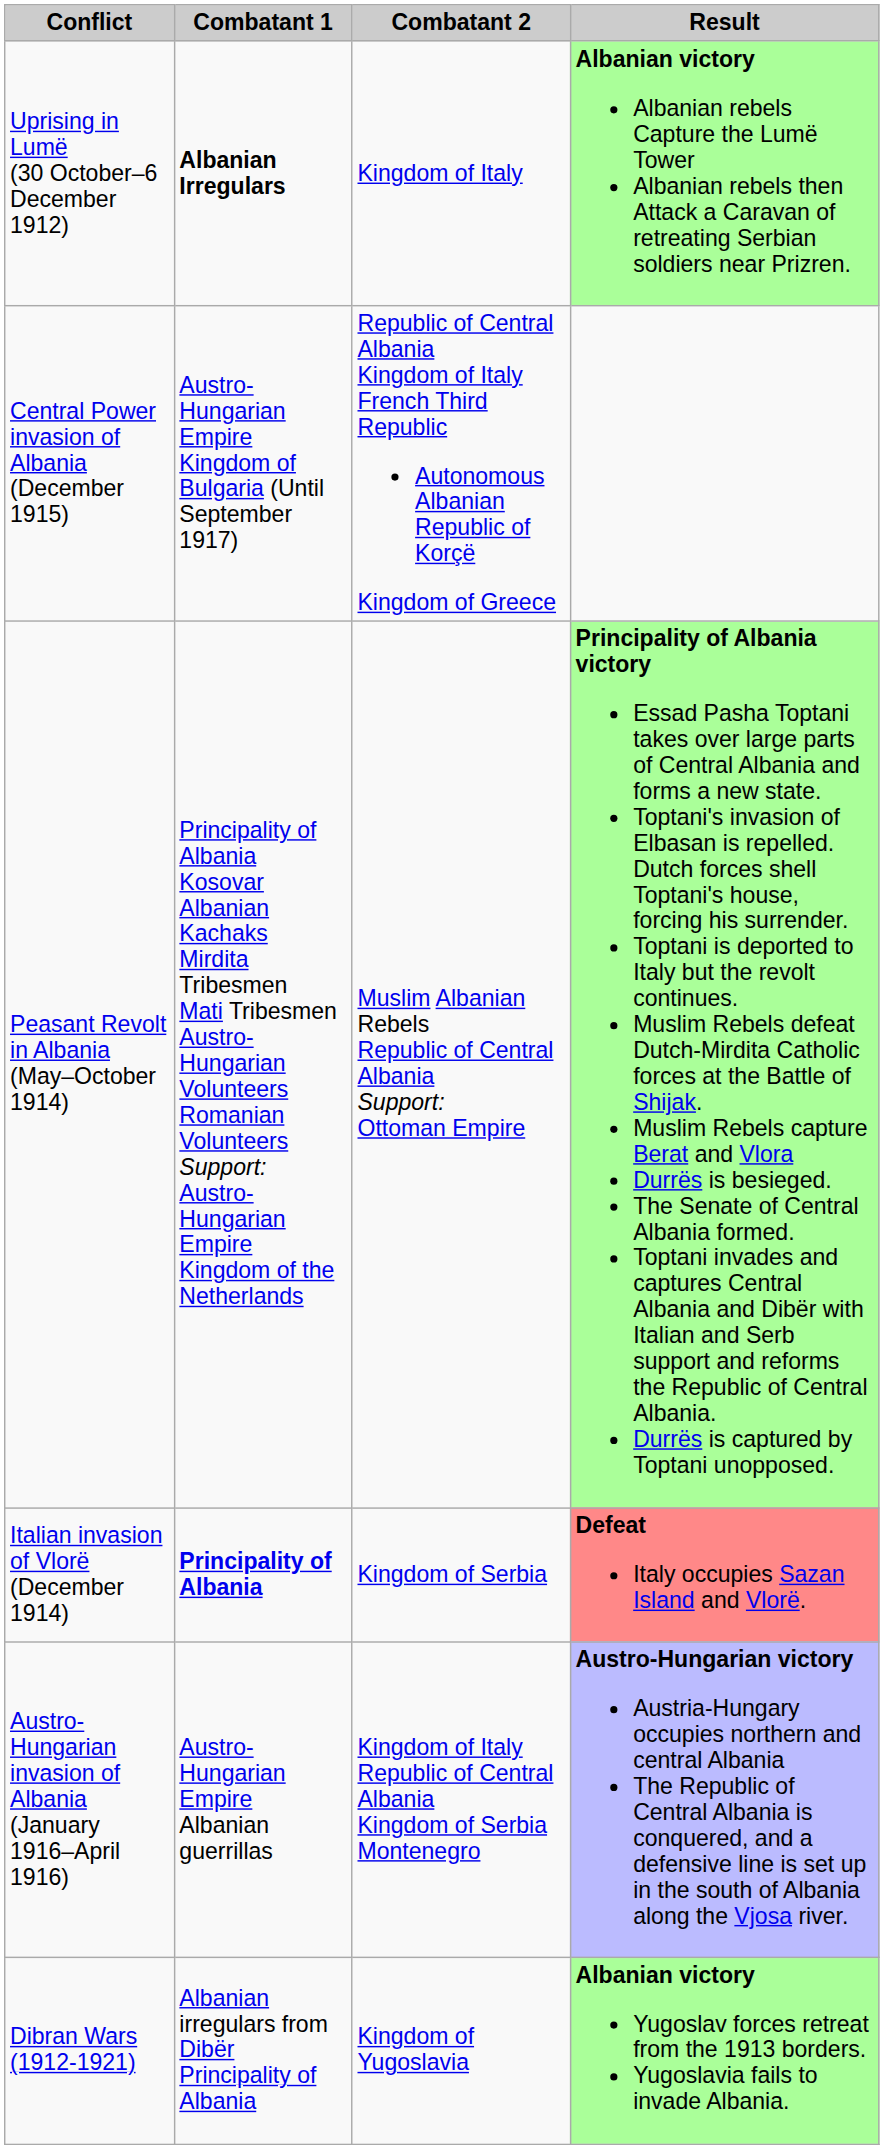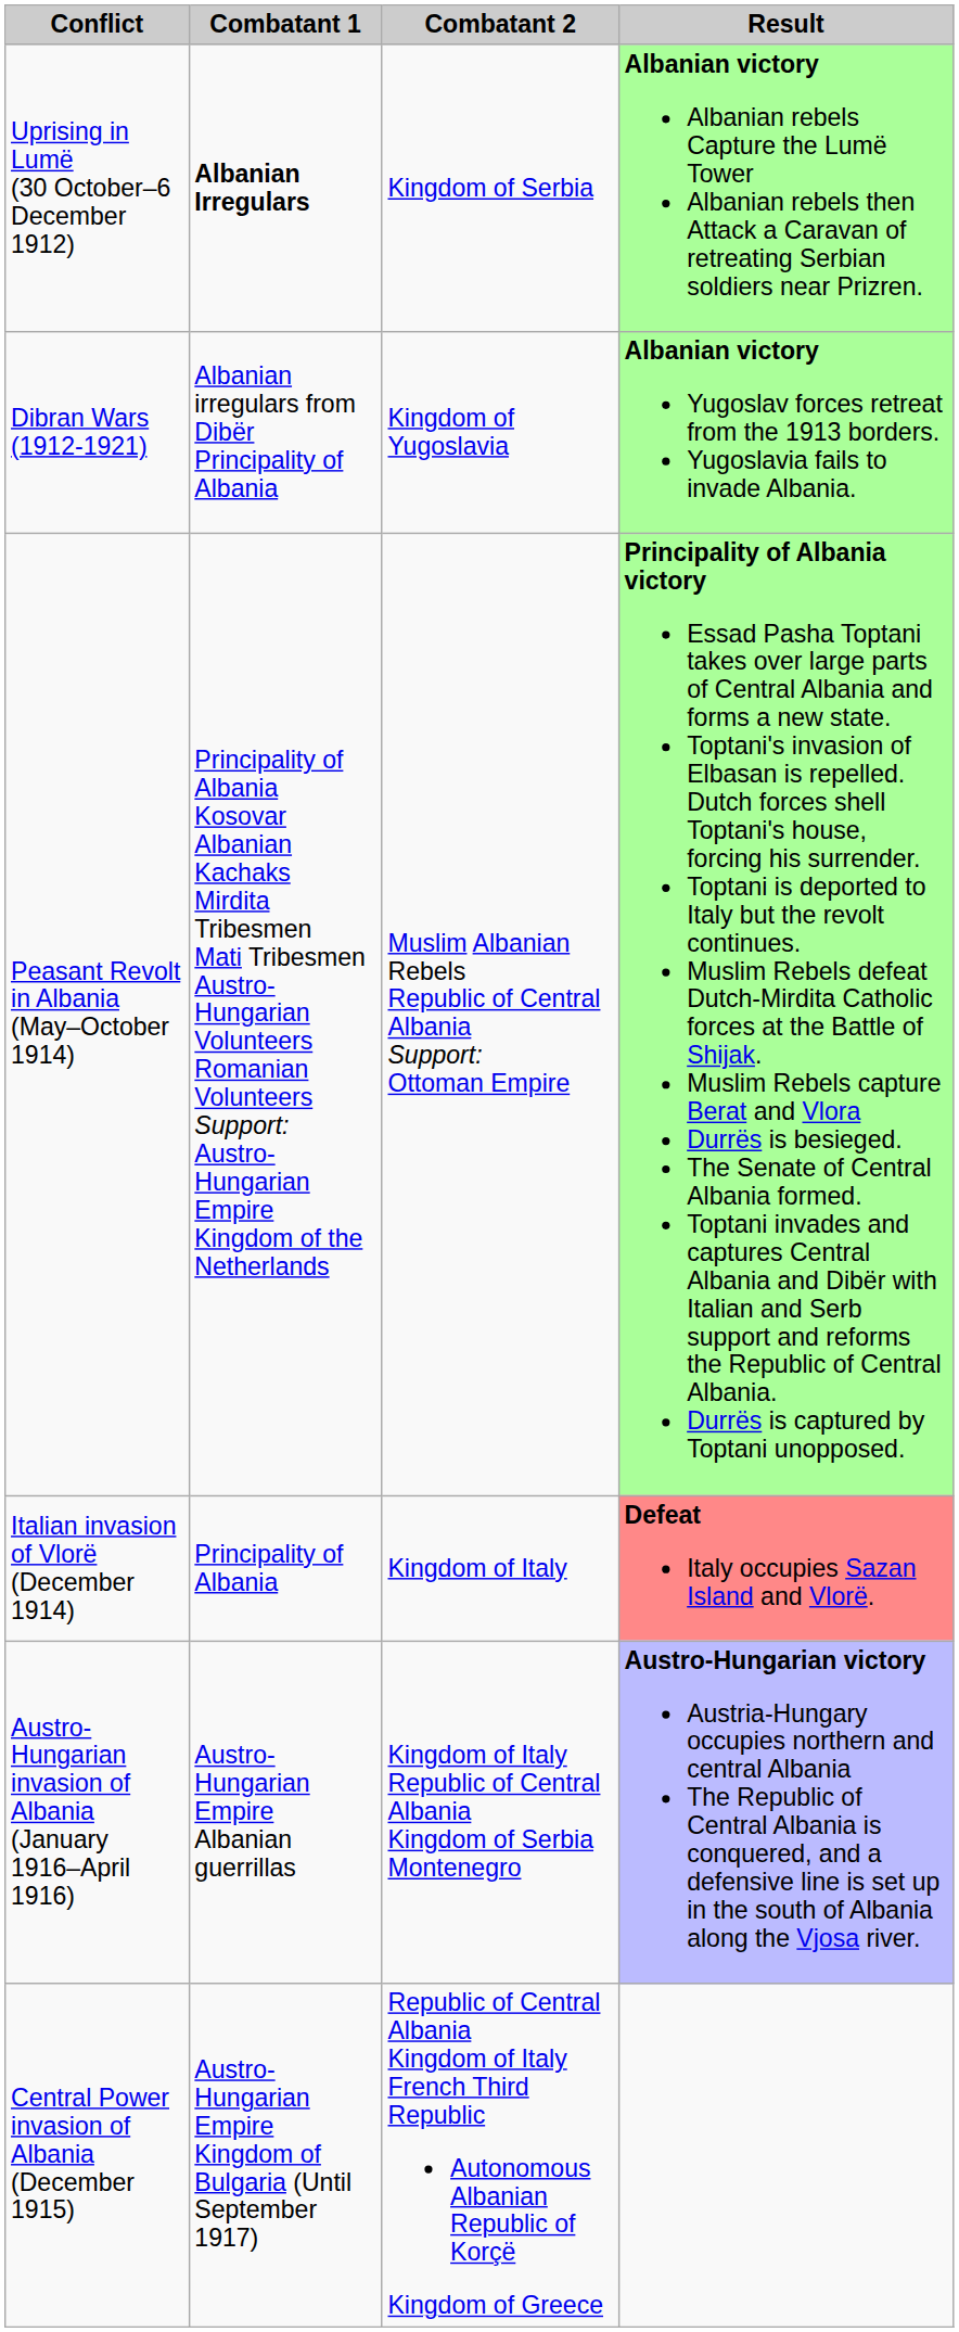 <table class="wikitable">
 <tr>
 <th style="background:#ccc" width="145"><span>Conflict</span></th>
 <th style="background:#ccc" width="150"><span>Combatant 1</span></th>
 <th style="background:#ccc" width="160"><span>Combatant 2</span></th>
 <th style="background:#ccc"  width="300"><span>Result</span></th>
 </tr>
 <tr>
 <td><a href='#'>Uprising in Lumë</a> <br> (30 October–6 December 1912)</td>
 <td><strong> Albanian Irregulars</strong></td>
-<td> <a href='#'>Kingdom of Italy</a></td>
+<td> <a href='#'>Kingdom of Serbia</a></td>
 <td style="background:#AF9"><strong>Albanian victory</strong><br><ul><li>Albanian rebels Capture the Lumë Tower</li><li>Albanian rebels then Attack a Caravan of retreating Serbian soldiers near Prizren.</li></ul></td>
 </tr>
 <tr>
-<td><a href='#'>Central Power invasion of Albania</a> <br> (December 1915)</td>
-<td> <a href='#'>Austro-Hungarian Empire</a> <br> <a href='#'>Kingdom of Bulgaria</a> (Until September 1917) <br></td>
-<td> <a href='#'>Republic of Central Albania</a><br> <a href='#'>Kingdom of Italy</a> <br>  <a href='#'>French Third Republic</a><ul><li> <a href='#'>Autonomous Albanian Republic of Korçë</a></li></ul> <a href='#'>Kingdom of Greece</a></td>
-<td></td>
+<td><a href='#'>Dibran Wars (1912-1921)</a></td>
+<td> <a href='#'>Albanian</a> irregulars from <a href='#'>Dibër</a><br> <a href='#'>Principality of Albania</a> </td>
+<td> <a href='#'>Kingdom of Yugoslavia</a></td>
+<td style="background:#AF9"><strong>Albanian victory</strong><br><ul><li>Yugoslav forces retreat from the 1913 borders.</li><li>Yugoslavia fails to invade Albania.</li></ul></td>
 </tr>
 <tr>
 <td><a href='#'>Peasant Revolt in Albania</a> <br> (May–October 1914)</td>
 <td> <a href='#'>Principality of Albania</a> <br> <a href='#'>Kosovar Albanian</a> <a href='#'>Kachaks</a> <br> <a href='#'>Mirdita</a> Tribesmen <br> <a href='#'>Mati</a> Tribesmen <br> <a href='#'>Austro-Hungarian Volunteers</a> <br> <a href='#'>Romanian Volunteers</a> <br> <em>Support:</em> <br> <a href='#'>Austro-Hungarian Empire</a> <br> <a href='#'>Kingdom of the Netherlands</a></td>
 <td> <a href='#'>Muslim</a> <a href='#'>Albanian</a> Rebels <br> <a href='#'>Republic of Central Albania</a> <br><em>Support:</em> <br> <a href='#'>Ottoman Empire</a></td>
 <td style="background:#AF9"><strong>Principality of Albania victory</strong><br><ul><li>Essad Pasha Toptani takes over large parts of Central Albania and forms a new state.</li><li>Toptani's invasion of Elbasan is repelled. Dutch forces shell Toptani's house, forcing his surrender.</li><li>Toptani is deported to Italy but the revolt continues.</li><li>Muslim Rebels defeat Dutch-Mirdita Catholic forces at the Battle of <a href='#'>Shijak</a>.</li><li>Muslim Rebels capture <a href='#'>Berat</a> and <a href='#'>Vlora</a></li><li><a href='#'>Durrës</a> is besieged.</li><li>The Senate of Central Albania formed.</li><li>Toptani invades and captures Central Albania and Dibër with Italian and Serb support and reforms the Republic of Central Albania.</li><li><a href='#'>Durrës</a> is captured by Toptani unopposed.</li></ul></td>
 </tr>
 <tr>
 <td><a href='#'>Italian invasion of Vlorë</a> (December 1914)</td>
-<td><strong> <a href='#'>Principality of Albania</a></strong></td>
-<td> <a href='#'>Kingdom of Serbia</a></td>
+<td> <a href='#'>Principality of Albania</a></td>
+<td> <a href='#'>Kingdom of Italy</a></td>
 <td style="background:#F88"><strong>Defeat</strong><br><ul><li>Italy occupies <a href='#'>Sazan Island</a> and <a href='#'>Vlorë</a>.</li></ul></td>
 </tr>
 <tr>
 <td><a href='#'>Austro-Hungarian invasion of Albania</a> <br> (January 1916–April 1916)</td>
 <td> <a href='#'>Austro-Hungarian Empire</a> <br>Albanian guerrillas</td>
 <td> <a href='#'>Kingdom of Italy</a> <br> <a href='#'>Republic of Central Albania</a><br> <a href='#'>Kingdom of Serbia</a> <br> <a href='#'>Montenegro</a></td>
 <td style="Background:#BBF"><strong>Austro-Hungarian victory</strong><br><ul><li>Austria-Hungary occupies northern and central Albania</li><li>The Republic of Central Albania is conquered, and a defensive line is set up in the south of Albania along the <a href='#'>Vjosa</a> river.</li></ul></td>
 </tr>
 <tr>
-<td><a href='#'>Dibran Wars (1912-1921)</a></td>
-<td> <a href='#'>Albanian</a> irregulars from <a href='#'>Dibër</a><br> <a href='#'>Principality of Albania</a> </td>
-<td> <a href='#'>Kingdom of Yugoslavia</a></td>
-<td style="background:#AF9"><strong>Albanian victory</strong><br><ul><li>Yugoslav forces retreat from the 1913 borders.</li><li>Yugoslavia fails to invade Albania.</li></ul></td>
+<td><a href='#'>Central Power invasion of Albania</a> <br> (December 1915)</td>
+<td> <a href='#'>Austro-Hungarian Empire</a> <br> <a href='#'>Kingdom of Bulgaria</a> (Until September 1917) <br></td>
+<td> <a href='#'>Republic of Central Albania</a><br> <a href='#'>Kingdom of Italy</a> <br>  <a href='#'>French Third Republic</a><ul><li> <a href='#'>Autonomous Albanian Republic of Korçë</a></li></ul> <a href='#'>Kingdom of Greece</a></td>
+<td></td>
 </tr>
 <tr>
 </tr>
 </table>
